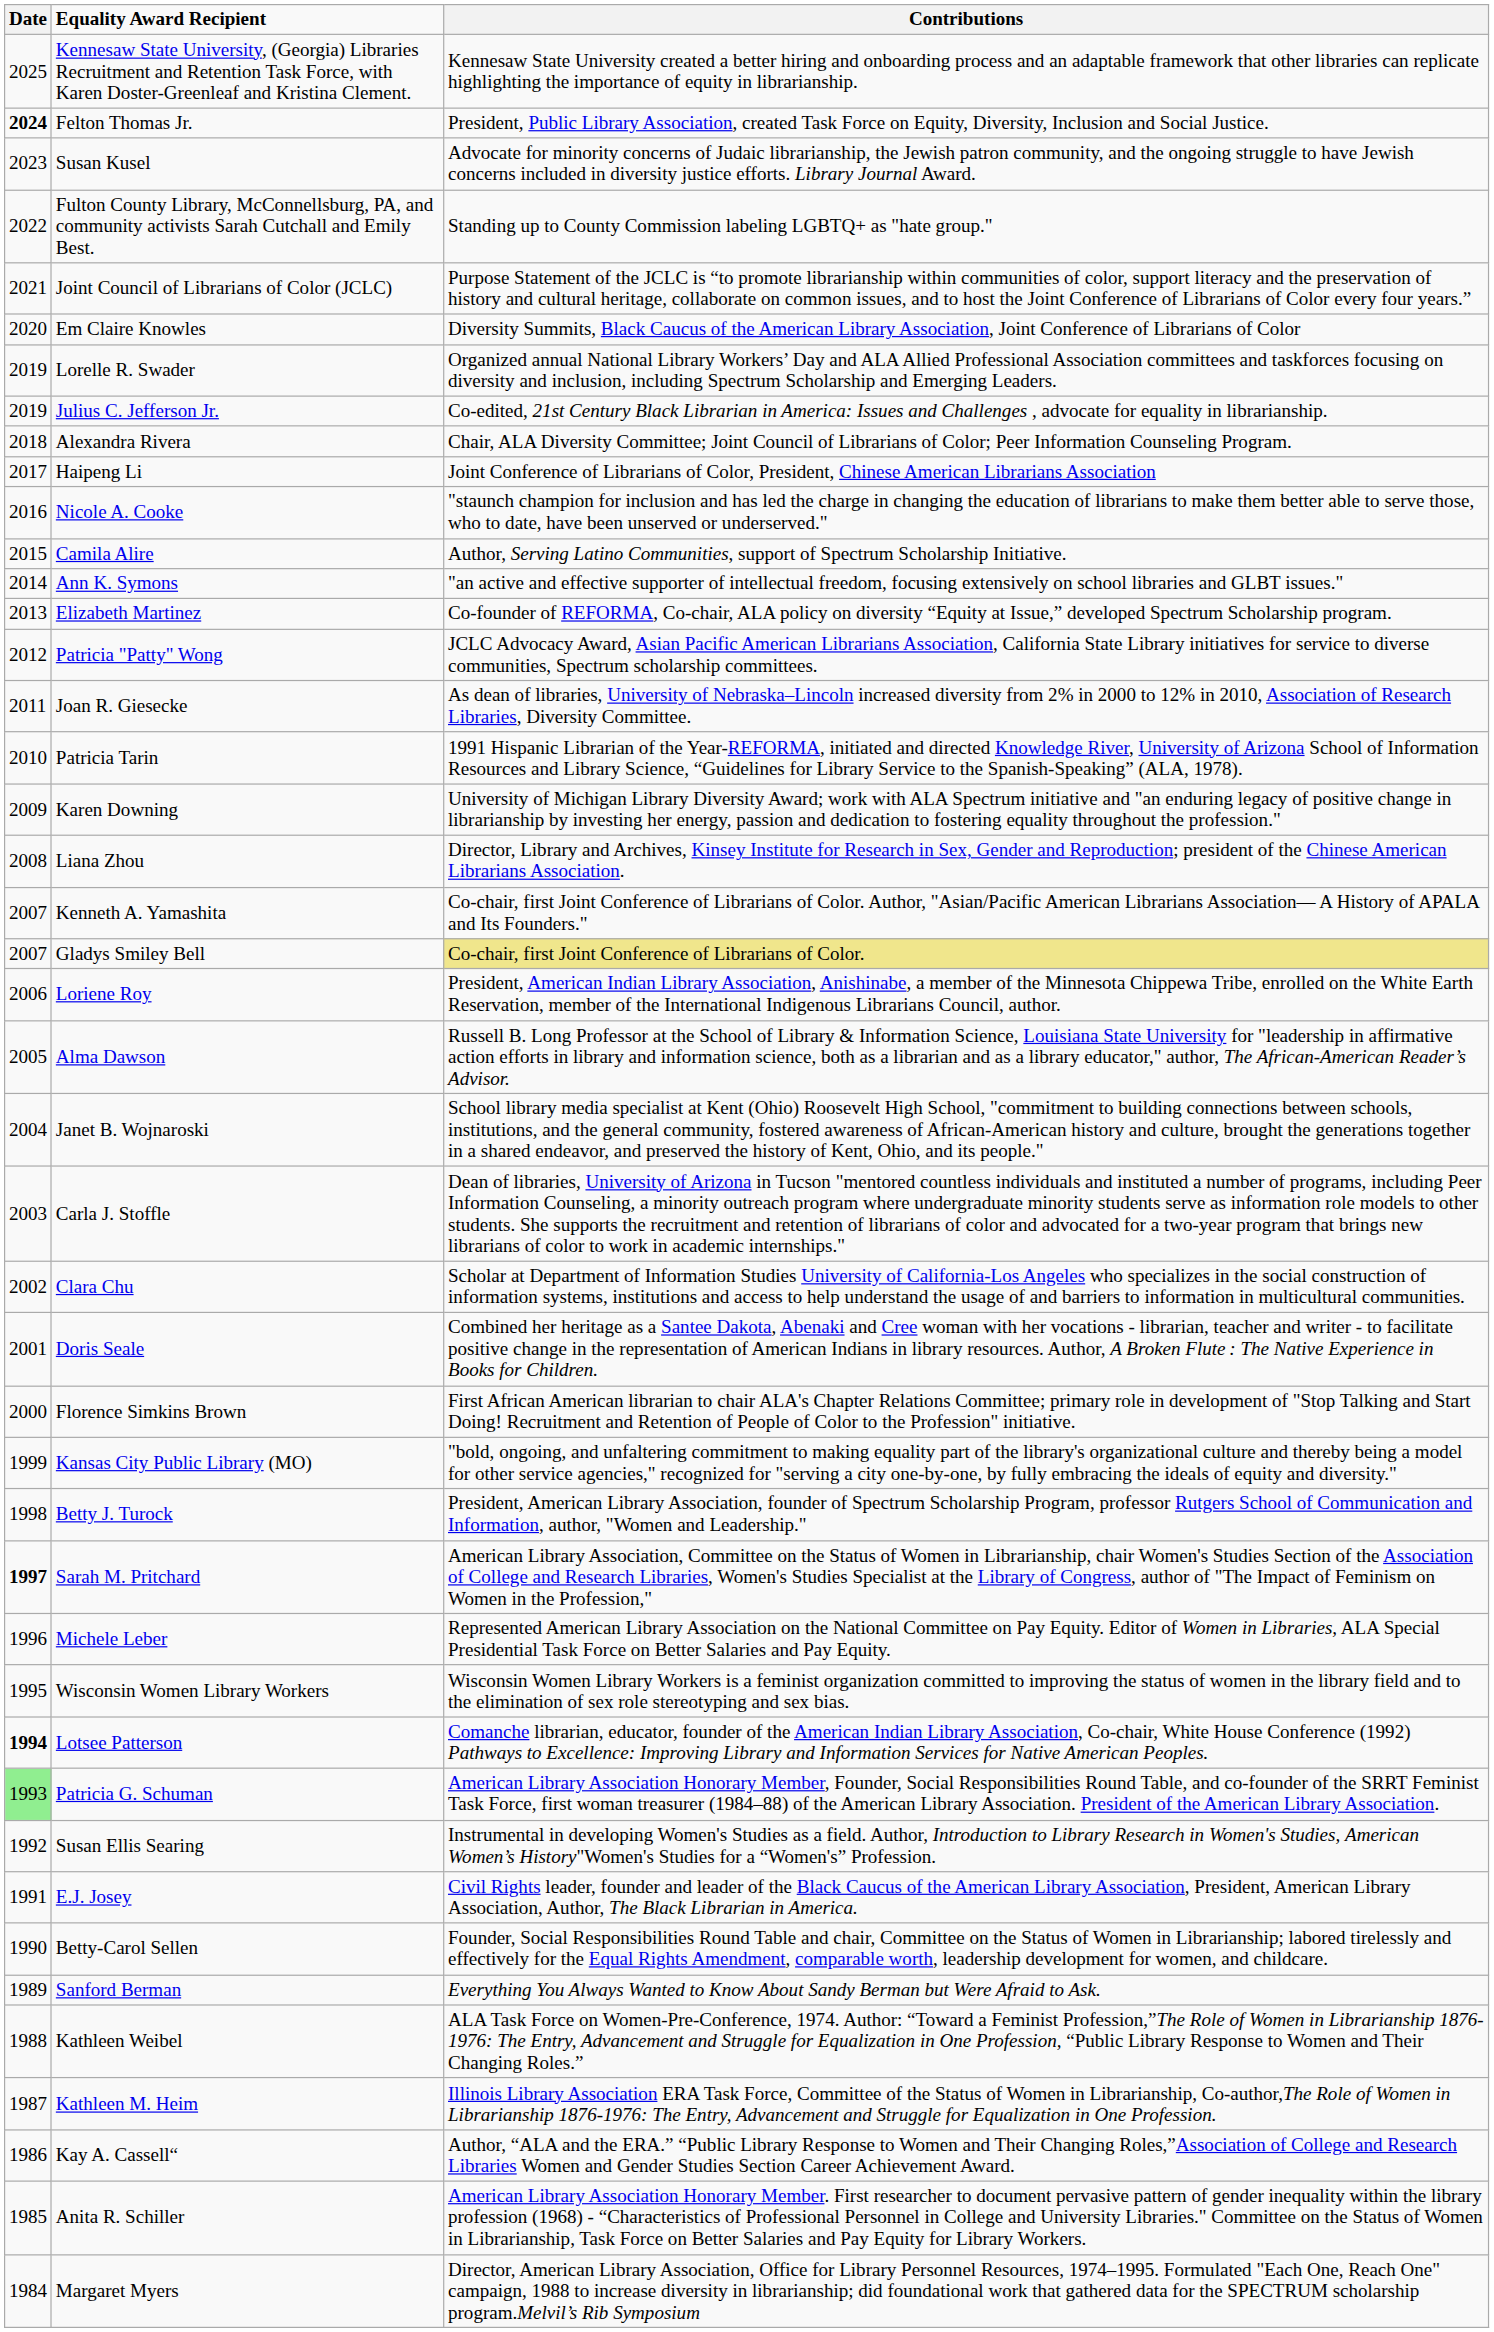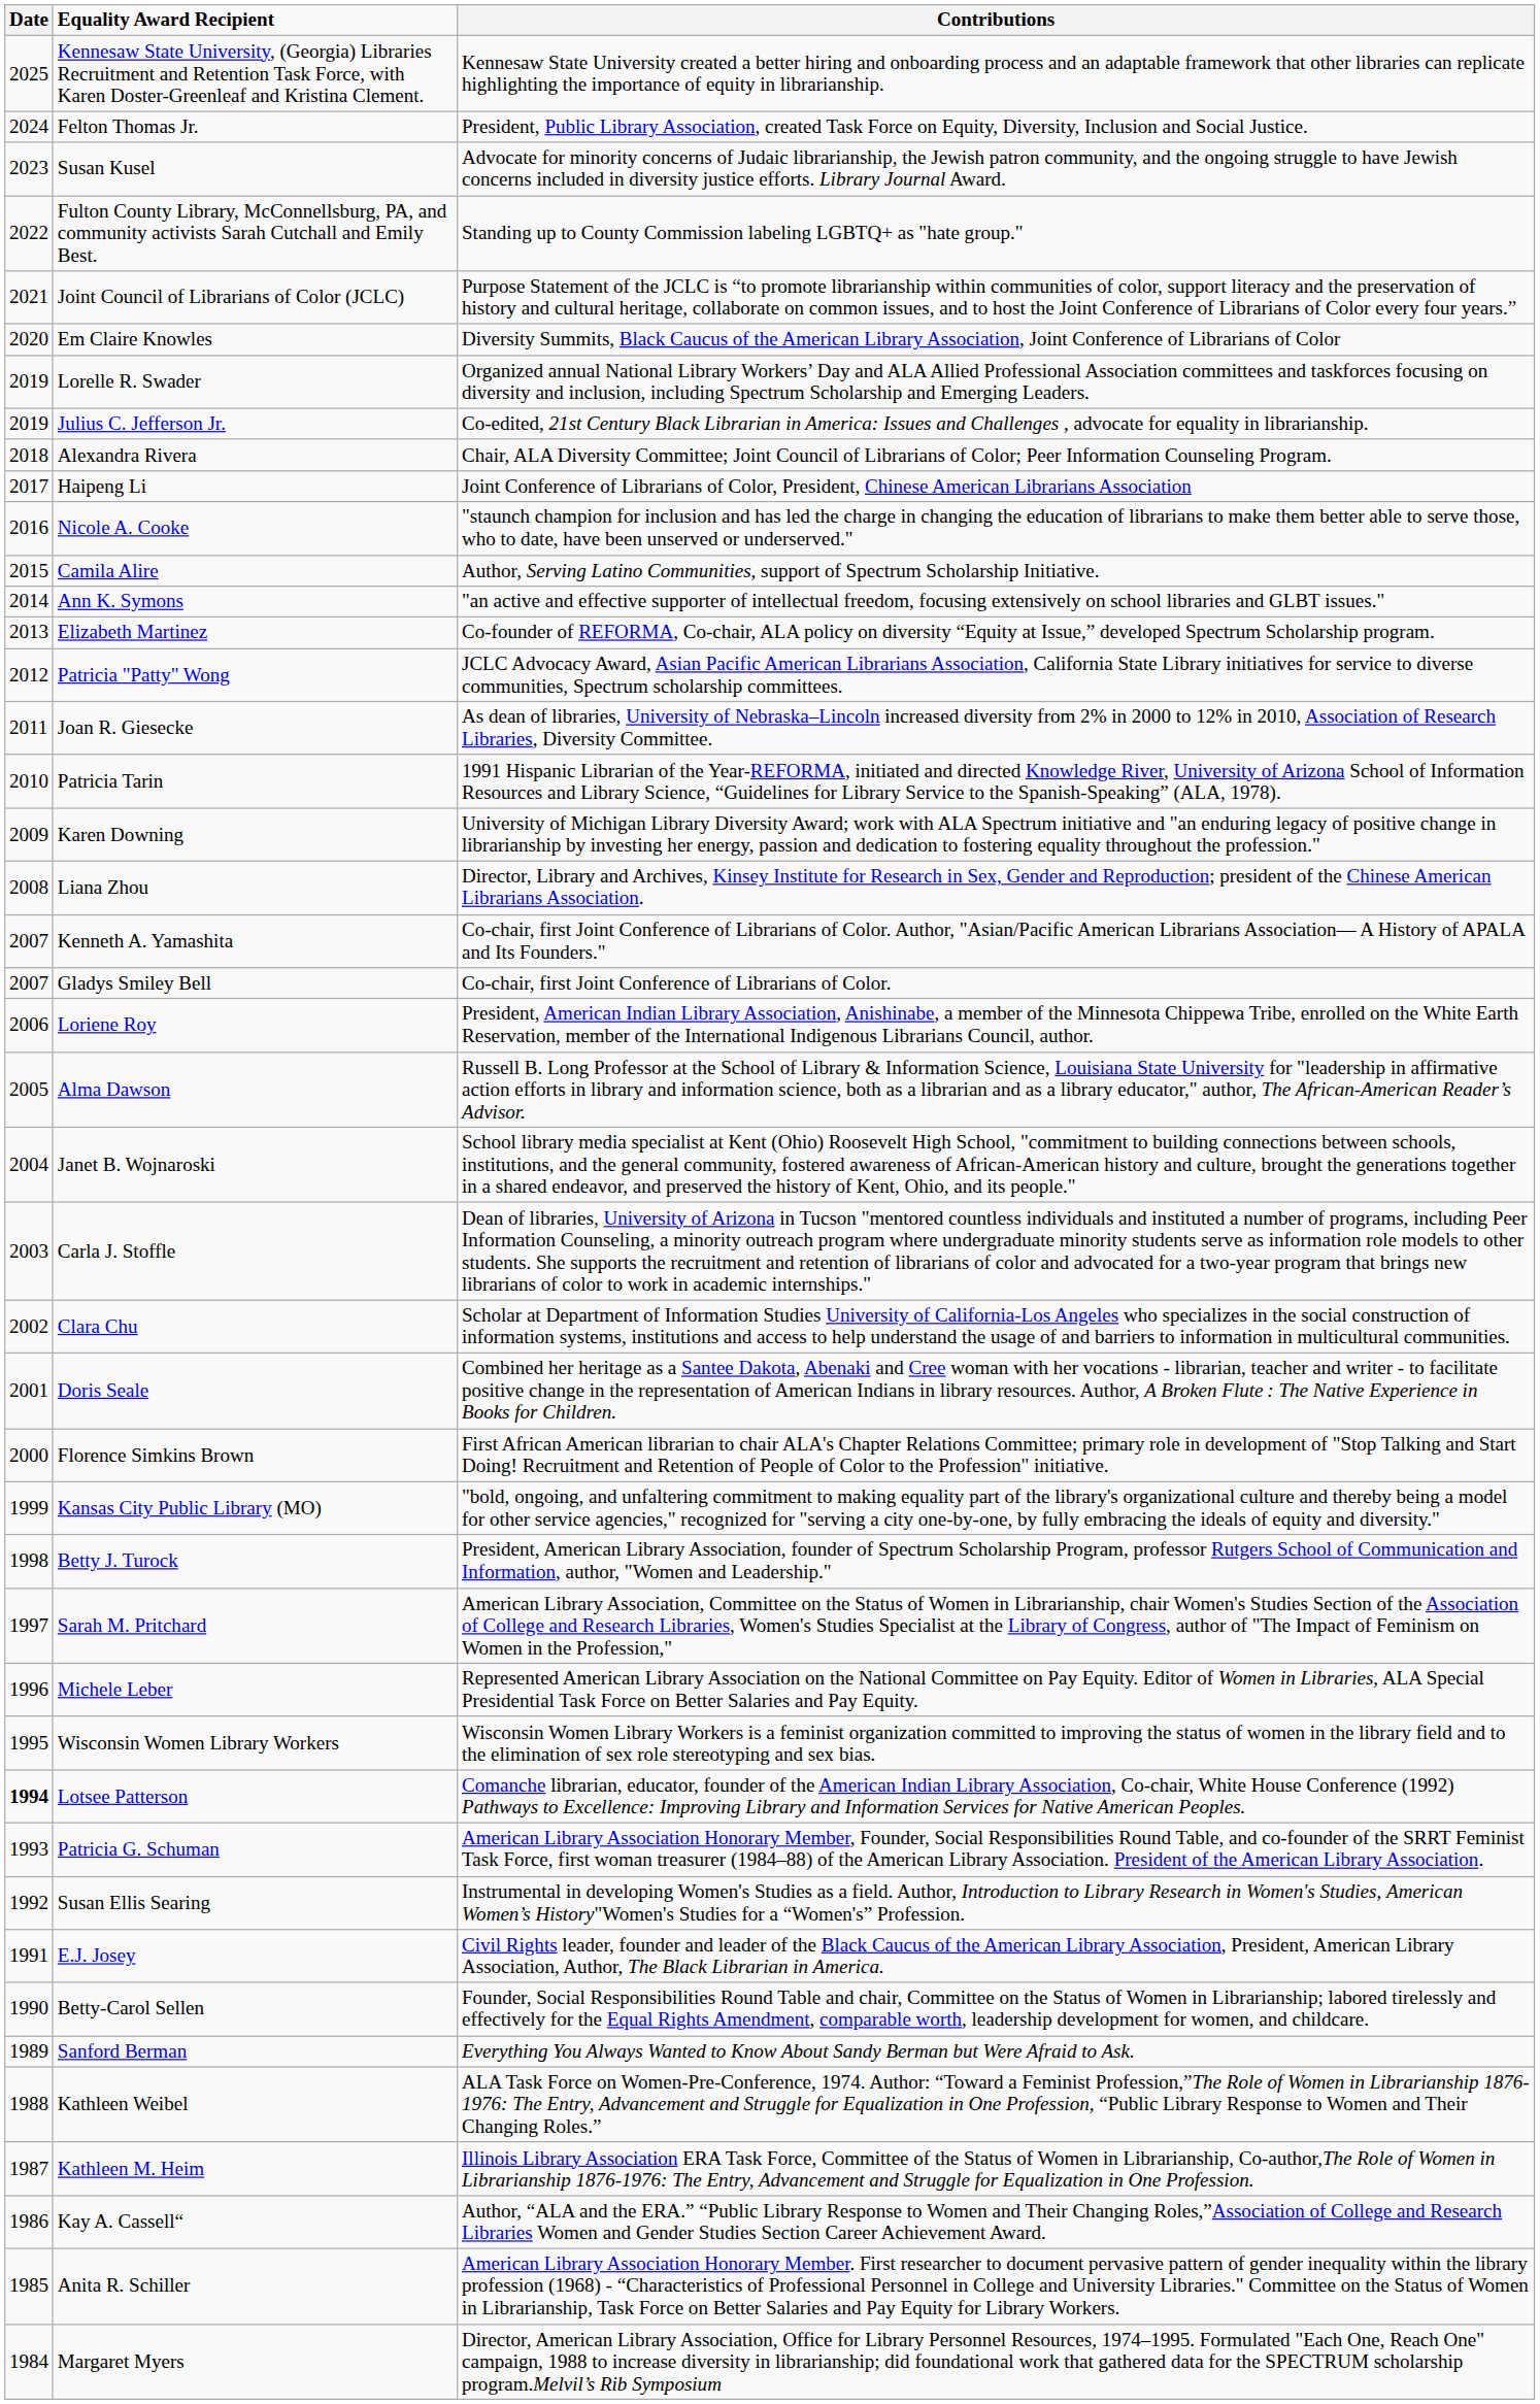 <table class="wikitable sortable">
 <tr>
 <th><strong>Date</strong></th>
 <td><strong> Equality Award Recipient</strong></td>
 <th><strong>Contributions</strong></th>
 </tr>
 <tr>
 <td>2025</td>
 <td><a href='#'>Kennesaw State University</a>, (Georgia) Libraries Recruitment and Retention Task Force, with Karen Doster-Greenleaf and Kristina Clement.</td>
 <td>Kennesaw State University created a better hiring and onboarding process and an adaptable framework that other libraries can replicate highlighting the importance of equity in librarianship.</td>
 </tr>
 <tr>
-<td><strong>2024</strong></td>
+<td>2024</td>
 <td>Felton Thomas Jr.</td>
 <td>President, <a href='#'>Public Library Association</a>, created Task Force on Equity, Diversity, Inclusion and Social Justice.</td>
 </tr>
 <tr>
 <td>2023</td>
 <td>Susan Kusel </td>
 <td>Advocate for minority concerns of Judaic librarianship, the Jewish patron community, and the ongoing struggle to have Jewish concerns included in diversity justice efforts. <em>Library Journal</em> Award.</td>
 </tr>
 <tr>
 <td>2022</td>
 <td>Fulton County Library, McConnellsburg, PA, and community activists Sarah Cutchall and Emily Best.</td>
 <td>Standing up to County Commission labeling LGBTQ+ as "hate group."</td>
 </tr>
 <tr>
 <td>2021</td>
 <td>Joint Council of Librarians of Color (JCLC)</td>
 <td>Purpose Statement of the JCLC is “to promote librarianship within communities of color, support literacy and the preservation of history and cultural heritage, collaborate on common issues, and to host the Joint Conference of Librarians of Color every four years.” </td>
 </tr>
 <tr>
 <td>2020</td>
 <td>Em Claire Knowles </td>
 <td>Diversity Summits, <a href='#'>Black Caucus of the American Library Association</a>, Joint Conference of Librarians of Color</td>
 </tr>
 <tr>
 <td>2019</td>
 <td>Lorelle R. Swader </td>
 <td>Organized annual National Library Workers’ Day and ALA Allied Professional Association   committees and taskforces focusing on diversity and inclusion, including Spectrum Scholarship and Emerging Leaders.</td>
 </tr>
 <tr>
 <td>2019</td>
 <td><a href='#'>Julius C. Jefferson Jr.</a></td>
 <td>Co-edited, <em>21st Century Black Librarian in America: Issues and Challenges </em>, advocate for equality in librarianship.</td>
 </tr>
 <tr>
 <td>2018</td>
 <td>Alexandra Rivera </td>
 <td>Chair, ALA Diversity Committee; Joint Council of Librarians of Color; Peer Information Counseling Program.</td>
 </tr>
 <tr>
 <td>2017</td>
 <td>Haipeng Li </td>
 <td>Joint Conference of Librarians of Color, President, <a href='#'>Chinese American Librarians Association</a></td>
 </tr>
 <tr>
 <td>2016</td>
 <td><a href='#'>Nicole A. Cooke</a></td>
 <td>"staunch champion for inclusion and has led the charge in changing the education of librarians to make them better able to serve those, who to date, have been unserved or underserved."</td>
 </tr>
 <tr>
 <td>2015</td>
 <td><a href='#'>Camila Alire</a></td>
 <td>Author, <em>Serving Latino Communities</em>, support of Spectrum Scholarship Initiative.</td>
 </tr>
 <tr>
 <td>2014</td>
 <td><a href='#'>Ann K. Symons</a></td>
 <td>"an active and effective supporter of intellectual freedom, focusing extensively on school libraries and GLBT issues."</td>
 </tr>
 <tr>
 <td>2013</td>
 <td><a href='#'>Elizabeth Martinez</a></td>
 <td>Co-founder of <a href='#'>REFORMA</a>, Co-chair, ALA policy on diversity “Equity at Issue,” developed Spectrum Scholarship program.</td>
 </tr>
 <tr>
 <td>2012</td>
 <td><a href='#'>Patricia "Patty" Wong</a></td>
 <td>JCLC Advocacy Award, <a href='#'>Asian Pacific American Librarians Association</a>, California State Library initiatives for service to diverse communities, Spectrum scholarship committees.</td>
 </tr>
 <tr>
 <td>2011</td>
 <td>Joan R. Giesecke </td>
 <td>As dean of libraries, <a href='#'>University of Nebraska–Lincoln</a> increased diversity from 2% in 2000 to 12% in 2010, <a href='#'>Association of Research Libraries</a>, Diversity Committee.</td>
 </tr>
 <tr>
 <td>2010</td>
 <td>Patricia Tarin </td>
 <td>1991 Hispanic Librarian of the Year-<a href='#'>REFORMA</a>, initiated and directed <a href='#'>Knowledge River</a>, <a href='#'>University of Arizona</a> School of Information Resources and Library Science, “Guidelines for Library Service to the Spanish-Speaking” (ALA, 1978).</td>
 </tr>
 <tr>
 <td>2009</td>
 <td>Karen Downing</td>
 <td>University of Michigan Library Diversity Award; work with ALA Spectrum initiative and "an enduring legacy of positive change in librarianship by investing her energy, passion and dedication to fostering equality throughout the profession."</td>
 </tr>
 <tr>
 <td>2008</td>
 <td>Liana Zhou </td>
 <td>Director, Library and Archives, <a href='#'>Kinsey Institute for Research in Sex, Gender and Reproduction</a>; president of the <a href='#'>Chinese American Librarians Association</a>.</td>
 </tr>
 <tr>
 <td>2007</td>
 <td>Kenneth A. Yamashita </td>
 <td>Co-chair, first Joint Conference of Librarians of Color. Author, "Asian/Pacific American Librarians Association— A History of APALA and Its Founders."</td>
 </tr>
 <tr>
 <td>2007</td>
 <td>Gladys Smiley Bell</td>
-<td style="background: khaki;">Co-chair, first Joint Conference of Librarians of Color.</td>
+<td>Co-chair, first Joint Conference of Librarians of Color.</td>
 </tr>
 <tr>
 <td>2006</td>
 <td><a href='#'>Loriene Roy</a></td>
 <td>President, <a href='#'>American Indian Library Association</a>, <a href='#'>Anishinabe</a>, a member of the Minnesota Chippewa Tribe, enrolled on the White Earth Reservation, member of the International Indigenous Librarians Council, author.</td>
 </tr>
 <tr>
 <td>2005</td>
 <td><a href='#'>Alma Dawson</a></td>
 <td>Russell B. Long Professor at the School of Library & Information Science, <a href='#'>Louisiana State University</a> for "leadership in affirmative action efforts in library and information science, both as a librarian and as a library educator," author, <em>The African-American Reader’s Advisor.</em></td>
 </tr>
 <tr>
 <td>2004</td>
 <td>Janet B. Wojnaroski</td>
 <td>School library media specialist at Kent (Ohio) Roosevelt High School, "commitment to building connections between schools, institutions, and the general community, fostered awareness of African-American history and culture, brought the generations together in a shared endeavor, and preserved the history of Kent, Ohio, and its people."</td>
 </tr>
 <tr>
 <td>2003</td>
 <td>Carla J. Stoffle</td>
 <td>Dean of libraries, <a href='#'>University of Arizona</a> in Tucson "mentored countless individuals and instituted a number of programs, including Peer Information Counseling, a minority outreach program where undergraduate minority students serve as information role models to other students. She supports the recruitment and retention of librarians of color and advocated for a two-year program that brings new librarians of color to work in academic internships."</td>
 </tr>
 <tr>
 <td>2002</td>
 <td><a href='#'>Clara Chu</a></td>
 <td>Scholar at Department of Information Studies <a href='#'>University of California-Los Angeles</a> who specializes in the social construction of information systems, institutions and access to help understand the usage of and barriers to information in multicultural communities.</td>
 </tr>
 <tr>
 <td>2001</td>
 <td><a href='#'>Doris Seale</a></td>
 <td>Combined her heritage as a <a href='#'>Santee Dakota</a>, <a href='#'>Abenaki</a> and <a href='#'>Cree</a> woman with her vocations - librarian, teacher and writer - to facilitate positive change in the representation of American Indians in library resources. Author, <em>A Broken Flute : The Native Experience in Books for Children.</em> </td>
 </tr>
 <tr>
 <td>2000</td>
 <td>Florence Simkins Brown </td>
 <td>First African American librarian to chair ALA's Chapter Relations Committee; primary role in development of "Stop Talking and Start Doing! Recruitment and Retention of People of Color to the Profession" initiative.</td>
 </tr>
 <tr>
 <td>1999</td>
 <td><a href='#'>Kansas City Public Library</a> (MO) </td>
 <td>"bold, ongoing, and unfaltering commitment to making equality part of the library's organizational culture and thereby being a model for other service agencies," recognized for "serving a city one-by-one, by fully embracing the ideals of equity and diversity."</td>
 </tr>
 <tr>
 <td>1998</td>
 <td><a href='#'>Betty J. Turock</a></td>
 <td>President, American Library Association, founder of Spectrum Scholarship Program, professor <a href='#'>Rutgers School of Communication and Information</a>, author, "Women and Leadership."</td>
 </tr>
 <tr>
-<td><strong>1997</strong></td>
+<td>1997</td>
 <td><a href='#'>Sarah M. Pritchard</a></td>
 <td>American Library Association, Committee on the Status of Women in Librarianship, chair Women's Studies Section of the <a href='#'>Association of College and Research Libraries</a>, Women's Studies Specialist at the <a href='#'>Library of Congress</a>, author of "The Impact of Feminism on Women in the Profession," </td>
 </tr>
 <tr>
 <td>1996</td>
 <td><a href='#'>Michele Leber</a></td>
 <td>Represented American Library Association on the National Committee on Pay Equity. Editor of <em>Women in Libraries,</em> ALA Special Presidential Task Force on Better Salaries and Pay Equity.</td>
 </tr>
 <tr>
 <td>1995</td>
 <td>Wisconsin Women Library Workers</td>
 <td>Wisconsin Women Library Workers is a feminist organization committed to improving the status of women in the library field and to the elimination of sex role stereotyping and sex bias.</td>
 </tr>
 <tr>
 <td><strong>1994</strong></td>
 <td><a href='#'>Lotsee Patterson</a></td>
 <td><a href='#'>Comanche</a> librarian, educator, founder of the <a href='#'>American Indian Library Association</a>, Co-chair, White House Conference (1992) <em>Pathways to Excellence: Improving Library and Information Services for Native American Peoples.</em></td>
 </tr>
 <tr>
-<td style="background: lightgreen;">1993</td>
+<td>1993</td>
 <td><a href='#'>Patricia G. Schuman</a></td>
 <td><a href='#'>American Library Association Honorary Member</a>, Founder, Social Responsibilities Round Table, and co-founder of the SRRT Feminist Task Force, first woman treasurer (1984–88) of the American Library Association. <a href='#'>President of the American Library Association</a>.</td>
 </tr>
 <tr>
 <td>1992</td>
 <td>Susan Ellis Searing</td>
 <td>Instrumental in developing Women's Studies as a field. Author, <em>Introduction to Library Research in Women's Studies,</em> <em>American Women’s History</em>"Women's Studies for a “Women's” Profession.</td>
 </tr>
 <tr>
 <td>1991</td>
 <td><a href='#'>E.J. Josey</a></td>
 <td><a href='#'>Civil Rights</a> leader, founder and leader of the <a href='#'>Black Caucus of the American Library Association</a>, President, American Library Association, Author, <em>The Black Librarian in America.</em> </td>
 </tr>
 <tr>
 <td>1990</td>
 <td>Betty-Carol Sellen </td>
 <td>Founder, Social Responsibilities Round Table and chair, Committee on the Status of Women in Librarianship; labored tirelessly and effectively for the <a href='#'>Equal Rights Amendment</a>, <a href='#'>comparable worth</a>, leadership development for women, and childcare.</td>
 </tr>
 <tr>
 <td>1989</td>
 <td><a href='#'>Sanford Berman</a></td>
 <td><em>Everything You Always Wanted to Know About Sandy Berman but Were Afraid to Ask.</em></td>
 </tr>
 <tr>
 <td>1988</td>
 <td>Kathleen Weibel</td>
 <td>ALA Task Force on Women-Pre-Conference, 1974. Author: “Toward a Feminist Profession,”<em>The Role of Women in Librarianship 1876-1976: The Entry, Advancement and Struggle for Equalization in One Profession,</em> “Public Library Response to Women and Their Changing Roles.” </td>
 </tr>
 <tr>
 <td>1987</td>
 <td><a href='#'>Kathleen M. Heim</a></td>
 <td><a href='#'>Illinois Library Association</a> ERA Task Force, Committee of the Status of Women in Librarianship, Co-author,<em>The Role of Women in Librarianship 1876-1976: The Entry, Advancement and Struggle for Equalization in One Profession.</em></td>
 </tr>
 <tr>
 <td>1986</td>
 <td>Kay A. Cassell“</td>
 <td>Author, “ALA and the ERA.” “Public Library Response to Women and Their Changing Roles,”<a href='#'>Association of College and Research Libraries</a> Women and Gender Studies Section Career Achievement Award.</td>
 </tr>
 <tr>
 <td>1985</td>
 <td>Anita R. Schiller </td>
 <td><a href='#'>American Library Association Honorary Member</a>. First researcher to document pervasive pattern of gender inequality within the library profession (1968) - “Characteristics of Professional Personnel in College and University Libraries." Committee on the Status of Women in Librarianship, Task Force on Better Salaries and Pay Equity for Library Workers.</td>
 </tr>
 <tr>
 <td>1984</td>
 <td>Margaret Myers</td>
 <td>Director, American Library Association, Office for Library Personnel Resources, 1974–1995. Formulated "Each One, Reach One" campaign, 1988 to increase diversity in librarianship; did foundational work that gathered data for the SPECTRUM scholarship program.<em>Melvil’s Rib Symposium</em></td>
 </tr>
 <tr>
 </tr>
 </table>
